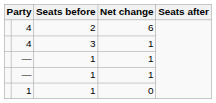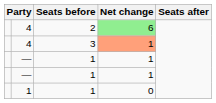 <table class=wikitable style="text-align:right">
 <tr>
 <th colspan="2">Party</th>
 <th>Seats before</th>
 <th>Net change</th>
 <th>Seats after</th>
 </tr>
 <tr>
 <td></td>
 <td>4</td>
 <td> 2</td>
-<td>6</td>
+<td style="background: lightgreen;">6</td>
 </tr>
 <tr>
 <td></td>
 <td>4</td>
 <td> 3</td>
-<td>1</td>
+<td style="background: lightsalmon;">1</td>
 </tr>
 <tr>
 <td></td>
 <td>—</td>
 <td> 1</td>
 <td>1</td>
 </tr>
 <tr>
 <td></td>
 <td>—</td>
 <td> 1</td>
 <td>1</td>
 </tr>
 <tr>
 <td></td>
 <td>1</td>
 <td> 1</td>
 <td>0</td>
 </tr>
 </table>
